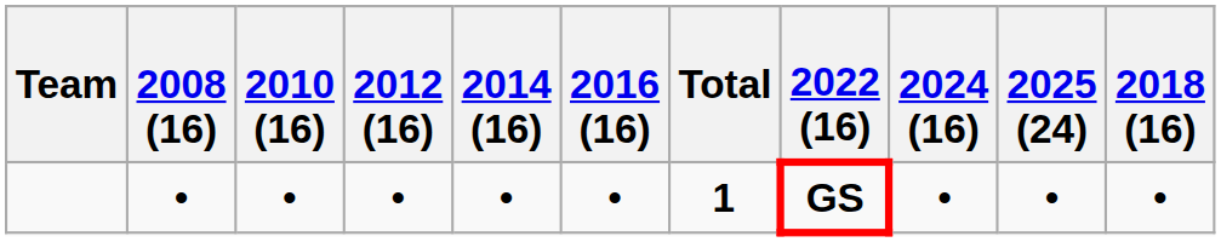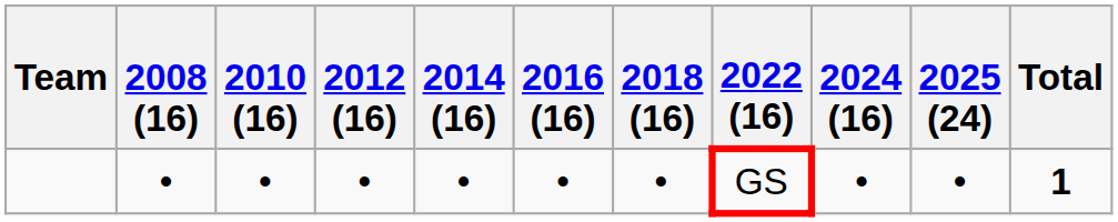 <table class="wikitable">
 <tr style="background:#cccccc;" align=center>
 <th>Team</th>
 <th><br><a href='#'>2008</a><br>(16)</th>
 <th><br><a href='#'>2010</a><br>(16)</th>
 <th><br><a href='#'>2012</a><br>(16)</th>
 <th><br><a href='#'>2014</a><br>(16)</th>
 <th><br><a href='#'>2016</a><br>(16)</th>
-<th>Total</th>
+<th><br><a href='#'>2018</a><br>(16)</th>
 <th><br><a href='#'>2022</a><br>(16)</th>
 <th><br><a href='#'>2024</a><br>(16)</th>
 <th><br><a href='#'>2025</a><br>(24)</th>
-<th><br><a href='#'>2018</a><br>(16)</th>
+<th>Total</th>
 </tr>
 <tr align=center>
 <td align=left></td>
 <td>•</td>
 <td>•</td>
 <td>•</td>
 <td>•</td>
 <td>•</td>
-<td><strong>1</strong></td>
-<td style="border: 3px solid red"><strong>GS</strong></td>
+<td>•</td>
+<td style="border: 3px solid red">GS</td>
 <td>•</td>
 <td>•</td>
-<td>•</td>
+<td><strong>1</strong></td>
 </tr>
 </table>
